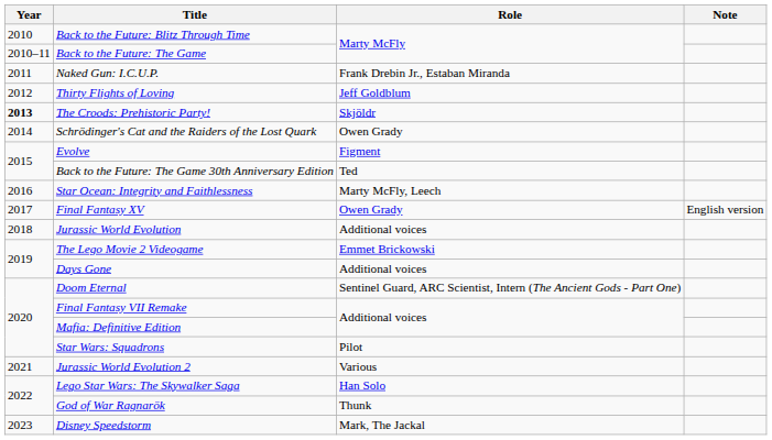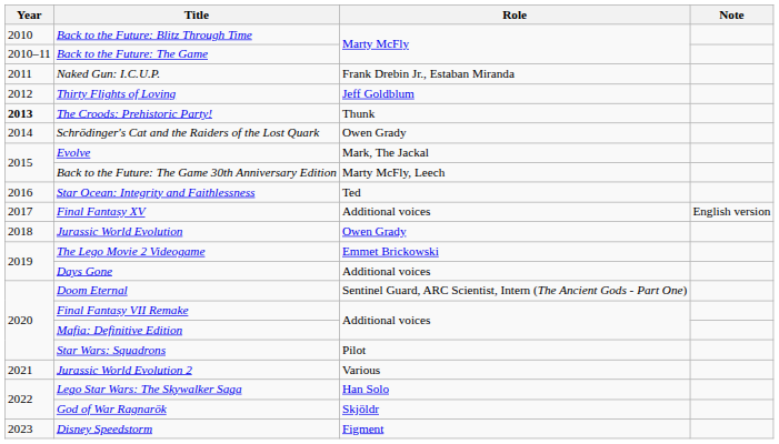 <table class="wikitable sortable">
 <tr>
 <th>Year</th>
 <th>Title</th>
 <th>Role</th>
 <th>Note</th>
 </tr>
 <tr>
 <td>2010</td>
 <td><em><a href='#'>Back to the Future: Blitz Through Time</a></em></td>
 <td rowspan="2"><a href='#'>Marty McFly</a></td>
 <td></td>
 </tr>
 <tr>
 <td>2010–11</td>
 <td><em><a href='#'>Back to the Future: The Game</a></em></td>
 <td></td>
 </tr>
 <tr>
 <td>2011</td>
 <td><em>Naked Gun: I.C.U.P.</em></td>
 <td>Frank Drebin Jr., Estaban Miranda</td>
 <td></td>
 </tr>
 <tr>
 <td>2012</td>
 <td><em><a href='#'>Thirty Flights of Loving</a></em></td>
 <td><a href='#'>Jeff Goldblum</a></td>
 <td></td>
 </tr>
 <tr>
 <td><strong>2013</strong></td>
 <td><em><a href='#'>The Croods: Prehistoric Party!</a></em></td>
-<td><a href='#'>Skjöldr</a></td>
+<td>Thunk</td>
 <td></td>
 </tr>
 <tr>
 <td>2014</td>
 <td><em>Schrödinger's Cat and the Raiders of the Lost Quark</em></td>
 <td>Owen Grady</td>
 <td></td>
 </tr>
 <tr>
 <td rowspan="2">2015</td>
 <td><em><a href='#'>Evolve</a></em></td>
-<td><a href='#'>Figment</a></td>
+<td>Mark, The Jackal</td>
 <td></td>
 </tr>
 <tr>
 <td><em>Back to the Future: The Game 30th Anniversary Edition</em></td>
-<td>Ted</td>
+<td>Marty McFly, Leech</td>
 <td></td>
 </tr>
 <tr>
 <td>2016</td>
 <td><em><a href='#'>Star Ocean: Integrity and Faithlessness</a></em></td>
-<td>Marty McFly, Leech</td>
+<td>Ted</td>
 <td></td>
 </tr>
 <tr>
 <td>2017</td>
 <td><em><a href='#'>Final Fantasy XV</a></em></td>
-<td><a href='#'>Owen Grady</a></td>
+<td>Additional voices</td>
 <td>English version</td>
 </tr>
 <tr>
 <td>2018</td>
 <td><em><a href='#'>Jurassic World Evolution</a></em></td>
-<td>Additional voices</td>
+<td><a href='#'>Owen Grady</a></td>
 <td></td>
 </tr>
 <tr>
 <td rowspan="2">2019</td>
 <td><em><a href='#'>The Lego Movie 2 Videogame</a></em></td>
 <td><a href='#'>Emmet Brickowski</a></td>
 <td></td>
 </tr>
 <tr>
 <td><em><a href='#'>Days Gone</a></em></td>
 <td>Additional voices</td>
 <td></td>
 </tr>
 <tr>
 <td rowspan="4">2020</td>
 <td><em><a href='#'>Doom Eternal</a></em></td>
 <td>Sentinel Guard, ARC Scientist, Intern (<em>The Ancient Gods - Part One</em>)</td>
 <td></td>
 </tr>
 <tr>
 <td><em><a href='#'>Final Fantasy VII Remake</a></em></td>
 <td rowspan="2">Additional voices</td>
 <td></td>
 </tr>
 <tr>
 <td><em><a href='#'>Mafia: Definitive Edition</a></em></td>
 <td></td>
 </tr>
 <tr>
 <td><em><a href='#'>Star Wars: Squadrons</a></em></td>
 <td>Pilot</td>
 <td></td>
 </tr>
 <tr>
 <td>2021</td>
 <td><em><a href='#'>Jurassic World Evolution 2</a></em></td>
 <td>Various</td>
 <td></td>
 </tr>
 <tr>
 <td rowspan="2">2022</td>
 <td><em><a href='#'>Lego Star Wars: The Skywalker Saga</a></em></td>
 <td><a href='#'>Han Solo</a></td>
 <td></td>
 </tr>
 <tr>
 <td><em><a href='#'>God of War Ragnarök</a></em></td>
-<td>Thunk</td>
+<td><a href='#'>Skjöldr</a></td>
 <td></td>
 </tr>
 <tr>
 <td>2023</td>
 <td><em><a href='#'>Disney Speedstorm</a></em></td>
-<td>Mark, The Jackal</td>
+<td><a href='#'>Figment</a></td>
 <td></td>
 </tr>
 </table>
